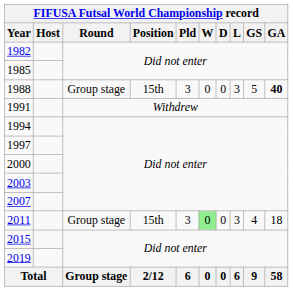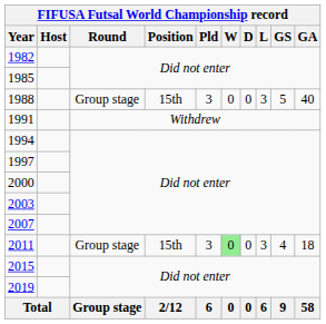 <table class="wikitable" style="text-align:center">
 <tr>
 <th colspan="10"><a href='#'>FIFUSA Futsal World Championship</a> record</th>
 </tr>
 <tr>
 <th>Year</th>
 <th>Host</th>
 <th>Round</th>
 <th>Position</th>
 <th>Pld</th>
 <th>W</th>
 <th>D</th>
 <th>L</th>
 <th>GS</th>
 <th>GA</th>
 </tr>
 <tr>
 <td><a href='#'>1982</a></td>
 <td align=left></td>
 <td colspan=8 rowspan=2><em>Did not enter</em></td>
 </tr>
 <tr>
 <td>1985</td>
 <td align=left></td>
 </tr>
 <tr>
 <td>1988</td>
 <td align=left></td>
 <td>Group stage</td>
 <td>15th</td>
 <td>3</td>
 <td>0</td>
 <td>0</td>
 <td>3</td>
 <td>5</td>
-<td><strong>40</strong></td>
+<td>40</td>
 </tr>
 <tr>
 <td>1991</td>
 <td align=left></td>
 <td colspan=8><em>Withdrew</em></td>
 </tr>
 <tr>
 <td>1994</td>
 <td align=left></td>
 <td colspan=8 rowspan=5><em>Did not enter</em></td>
 </tr>
 <tr>
 <td>1997</td>
 <td align=left></td>
 </tr>
 <tr>
 <td>2000</td>
 <td align=left></td>
 </tr>
 <tr>
 <td><a href='#'>2003</a></td>
 <td align=left></td>
 </tr>
 <tr>
 <td><a href='#'>2007</a></td>
 <td align=left></td>
 </tr>
 <tr>
 <td><a href='#'>2011</a></td>
 <td align=left></td>
 <td>Group stage</td>
 <td>15th</td>
 <td>3</td>
 <td style="background: lightgreen;">0</td>
 <td>0</td>
 <td>3</td>
 <td>4</td>
 <td>18</td>
 </tr>
 <tr>
 <td><a href='#'>2015</a></td>
 <td align=left></td>
 <td colspan=8 rowspan=2><em>Did not enter</em></td>
 </tr>
 <tr>
 <td><a href='#'>2019</a></td>
 <td align=left></td>
 </tr>
 <tr>
 <th colspan="2">Total</th>
 <th>Group stage</th>
 <th>2/12</th>
 <th>6</th>
 <th>0</th>
 <th>0</th>
 <th>6</th>
 <th>9</th>
 <th>58</th>
 </tr>
 </table>
